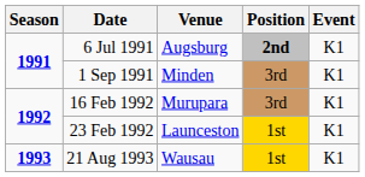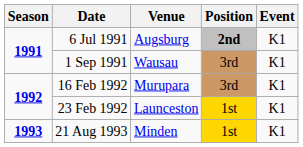 <table class="wikitable" style="text-align:center; font-size:95%;">
 <tr>
 <th>Season</th>
 <th>Date</th>
 <th>Venue</th>
 <th>Position</th>
 <th>Event</th>
 </tr>
 <tr>
 <td rowspan=2><strong><a href='#'>1991</a></strong></td>
 <td align=right>6 Jul 1991</td>
 <td align=left><a href='#'>Augsburg</a></td>
 <td bgcolor=silver><strong>2nd</strong></td>
 <td>K1</td>
 </tr>
 <tr>
 <td align=right>1 Sep 1991</td>
-<td align=left><a href='#'>Minden</a></td>
+<td align=left><a href='#'>Wausau</a></td>
 <td bgcolor=cc9966>3rd</td>
 <td>K1</td>
 </tr>
 <tr>
 <td rowspan=2><strong><a href='#'>1992</a></strong></td>
 <td align=right>16 Feb 1992</td>
 <td align=left><a href='#'>Murupara</a></td>
 <td bgcolor=cc9966>3rd</td>
 <td>K1</td>
 </tr>
 <tr>
 <td align=right>23 Feb 1992</td>
 <td align=left><a href='#'>Launceston</a></td>
 <td bgcolor=gold>1st</td>
 <td>K1</td>
 </tr>
 <tr>
 <td><strong><a href='#'>1993</a></strong></td>
 <td align=right>21 Aug 1993</td>
-<td align=left><a href='#'>Wausau</a></td>
+<td align=left><a href='#'>Minden</a></td>
 <td bgcolor=gold>1st</td>
 <td>K1</td>
 </tr>
 </table>
